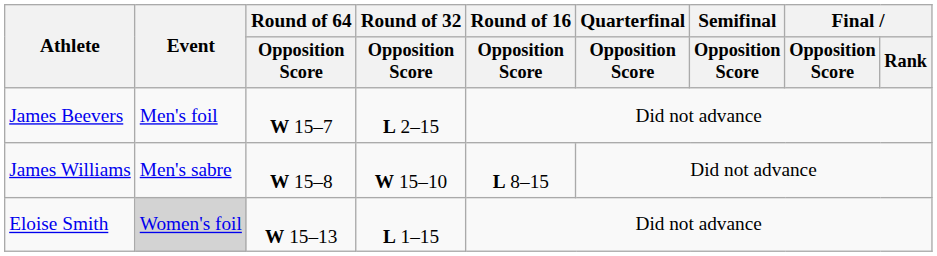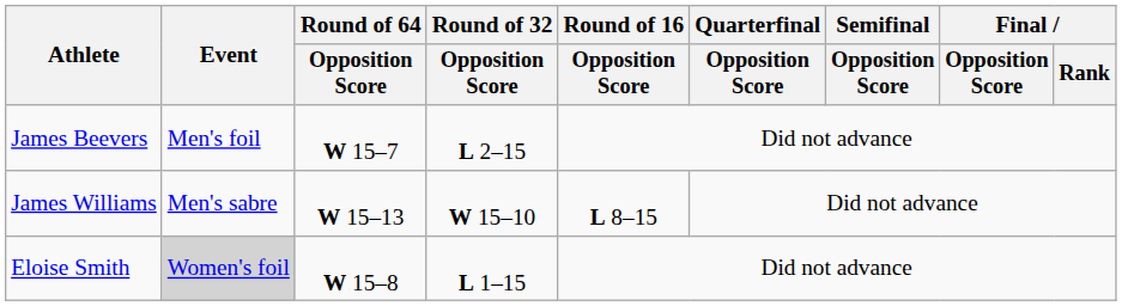 <table class="wikitable" style="font-size:90%">
 <tr>
 <th rowspan=2>Athlete</th>
 <th rowspan=2>Event</th>
 <th>Round of 64</th>
 <th>Round of 32</th>
 <th>Round of 16</th>
 <th>Quarterfinal</th>
 <th>Semifinal</th>
 <th colspan=2>Final / </th>
 </tr>
 <tr style="font-size:95%">
 <th>Opposition<br>Score</th>
 <th>Opposition<br>Score</th>
 <th>Opposition<br>Score</th>
 <th>Opposition<br>Score</th>
 <th>Opposition<br>Score</th>
 <th>Opposition<br>Score</th>
 <th>Rank</th>
 </tr>
 <tr align=center>
 <td align=left><a href='#'>James Beevers</a></td>
 <td style="text-align:left;"><a href='#'>Men's foil</a></td>
 <td><br><strong>W</strong> 15–7</td>
 <td><br><strong>L</strong> 2–15</td>
 <td colspan=5>Did not advance</td>
 </tr>
 <tr align=center>
 <td align=left><a href='#'>James Williams</a></td>
 <td style="text-align:left;"><a href='#'>Men's sabre</a></td>
-<td><br><strong>W</strong> 15–8</td>
+<td><br><strong>W</strong> 15–13</td>
 <td><br><strong>W</strong> 15–10</td>
 <td><br><strong>L</strong> 8–15</td>
 <td colspan=4>Did not advance</td>
 </tr>
 <tr align=center>
 <td align=left><a href='#'>Eloise Smith</a></td>
 <td style="background: lightgrey; text-align:left;"><a href='#'>Women's foil</a></td>
-<td><br><strong>W</strong> 15–13</td>
+<td><br><strong>W</strong> 15–8</td>
 <td><br><strong>L</strong> 1–15</td>
 <td colspan=5>Did not advance</td>
 </tr>
 </table>
